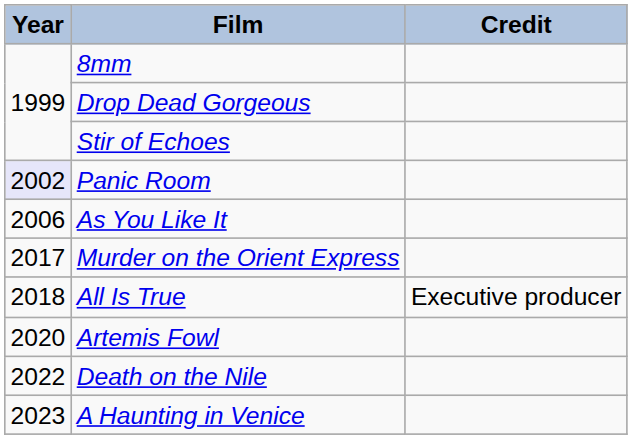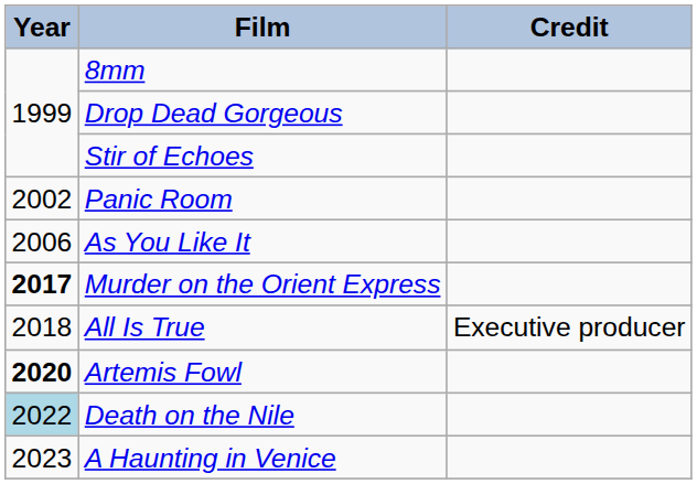 <table class="wikitable" style="font-size:95%;">
 <tr>
 <th style="background:#B0C4DE;">Year</th>
 <th style="background:#B0C4DE;">Film</th>
 <th style="background:#B0C4DE;">Credit</th>
 </tr>
 <tr>
 <td rowspan=3>1999</td>
 <td><em><a href='#'>8mm</a></em></td>
 <td></td>
 </tr>
 <tr>
 <td><em><a href='#'>Drop Dead Gorgeous</a></em></td>
 <td></td>
 </tr>
 <tr>
 <td><em><a href='#'>Stir of Echoes</a></em></td>
 <td></td>
 </tr>
 <tr>
-<td style="background: lavender;">2002</td>
+<td>2002</td>
 <td><em><a href='#'>Panic Room</a></em></td>
 <td></td>
 </tr>
 <tr>
 <td>2006</td>
 <td><em><a href='#'>As You Like It</a></em></td>
 <td></td>
 </tr>
 <tr>
-<td>2017</td>
+<td><strong>2017</strong></td>
 <td><em><a href='#'>Murder on the Orient Express</a></em></td>
 <td></td>
 </tr>
 <tr>
 <td>2018</td>
 <td><em><a href='#'>All Is True</a></em></td>
 <td>Executive producer</td>
 </tr>
 <tr>
-<td>2020</td>
+<td><strong>2020</strong></td>
 <td><em><a href='#'>Artemis Fowl</a></em></td>
 <td></td>
 </tr>
 <tr>
-<td>2022</td>
+<td style="background: lightblue;">2022</td>
 <td><em><a href='#'>Death on the Nile</a></em></td>
 <td></td>
 </tr>
 <tr>
 <td>2023</td>
 <td><em><a href='#'>A Haunting in Venice</a></em></td>
 <td></td>
 </tr>
 </table>
